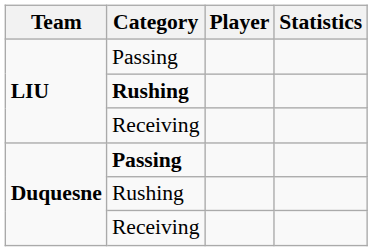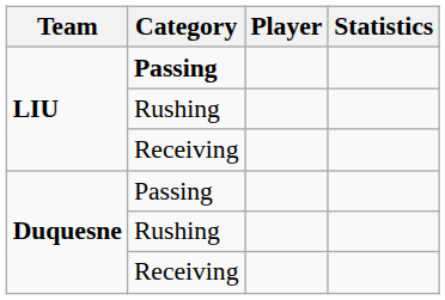 <table class="wikitable" style="float: right;">
 <tr>
 <th>Team</th>
 <th>Category</th>
 <th>Player</th>
 <th>Statistics</th>
 </tr>
 <tr>
 <td rowspan=3><strong>LIU</strong></td>
-<td>Passing</td>
-<td></td>
-<td></td>
-</tr>
-<tr>
-<td><strong>Rushing</strong></td>
-<td></td>
-<td></td>
-</tr>
-<tr>
-<td>Receiving</td>
-<td></td>
-<td></td>
-</tr>
-<tr>
-<td rowspan=3><strong>Duquesne</strong></td>
 <td><strong>Passing</strong></td>
 <td></td>
 <td></td>
 </tr>
 <tr>
 <td>Rushing</td>
 <td></td>
 <td></td>
 </tr>
 <tr>
 <td>Receiving</td>
 <td></td>
 <td></td>
 </tr>
+<tr>
+<td rowspan=3><strong>Duquesne</strong></td>
+<td>Passing</td>
+<td></td>
+<td></td>
+</tr>
+<tr>
+<td>Rushing</td>
+<td></td>
+<td></td>
+</tr>
+<tr>
+<td>Receiving</td>
+<td></td>
+<td></td>
+</tr>
 </table>
